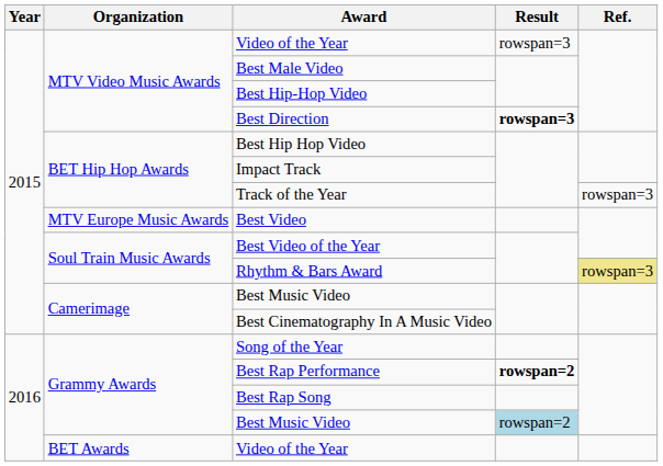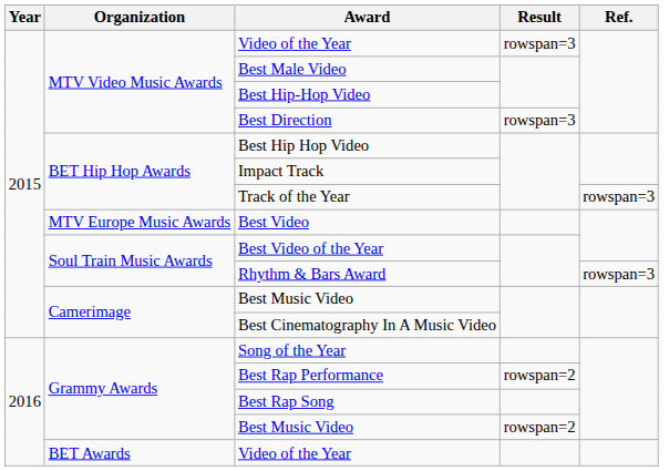 <table class="wikitable">
 <tr>
 <th>Year</th>
 <th>Organization</th>
 <th>Award</th>
 <th>Result</th>
 <th>Ref.</th>
 </tr>
 <tr>
 <td rowspan=12>2015</td>
 <td rowspan=4><a href='#'>MTV Video Music Awards</a></td>
 <td><a href='#'>Video of the Year</a></td>
 <td>rowspan=3 </td>
 <td style="text-align:center;" rowspan=4></td>
 </tr>
 <tr>
 <td><a href='#'>Best Male Video</a></td>
 </tr>
 <tr>
 <td><a href='#'>Best Hip-Hop Video</a></td>
 </tr>
 <tr>
 <td><a href='#'>Best Direction</a></td>
-<td><strong>rowspan=3 </strong></td>
+<td>rowspan=3 </td>
 </tr>
 <tr>
 <td rowspan=3><a href='#'>BET Hip Hop Awards</a></td>
 <td>Best Hip Hop Video</td>
 <td style="text-align:center;" rowspan=3></td>
 </tr>
 <tr>
 <td>Impact Track</td>
 </tr>
 <tr>
 <td>Track of the Year</td>
 <td>rowspan=3 </td>
 </tr>
 <tr>
 <td><a href='#'>MTV Europe Music Awards</a></td>
 <td><a href='#'>Best Video</a></td>
 <td style="text-align:center;"></td>
 </tr>
 <tr>
 <td rowspan=2><a href='#'>Soul Train Music Awards</a></td>
 <td><a href='#'>Best Video of the Year</a></td>
 <td style="text-align:center;" rowspan=2></td>
 </tr>
 <tr>
 <td><a href='#'>Rhythm & Bars Award</a></td>
-<td style="background: khaki;">rowspan=3 </td>
+<td>rowspan=3 </td>
 </tr>
 <tr>
 <td rowspan=2><a href='#'>Camerimage</a></td>
 <td>Best Music Video</td>
 <td rowspan=2></td>
 </tr>
 <tr>
 <td>Best Cinematography In A Music Video</td>
 </tr>
 <tr>
 <td rowspan=5>2016</td>
 <td rowspan=4><a href='#'>Grammy Awards</a></td>
 <td><a href='#'>Song of the Year</a></td>
 <td></td>
 <td style="text-align:center;" rowspan=4> <br> </td>
 </tr>
 <tr>
 <td><a href='#'>Best Rap Performance</a></td>
-<td><strong>rowspan=2 </strong></td>
+<td>rowspan=2 </td>
 </tr>
 <tr>
 <td><a href='#'>Best Rap Song</a></td>
 </tr>
 <tr>
 <td><a href='#'>Best Music Video</a></td>
-<td style="background: lightblue;">rowspan=2 </td>
+<td>rowspan=2 </td>
 </tr>
 <tr>
 <td><a href='#'>BET Awards</a></td>
 <td><a href='#'>Video of the Year</a></td>
 <td></td>
 </tr>
 </table>
